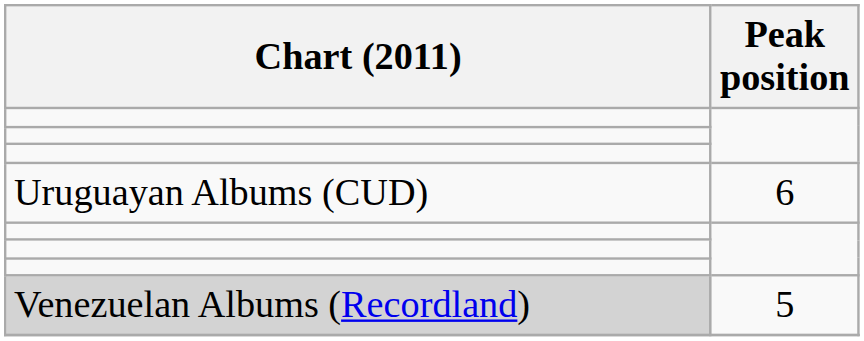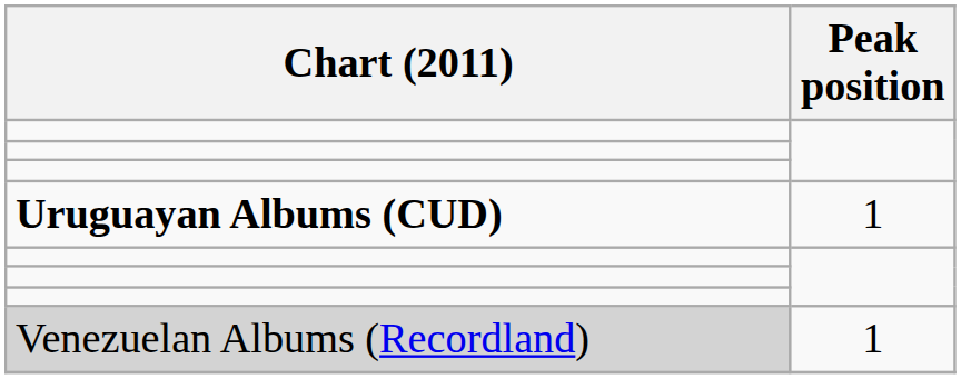 <table class="wikitable sortable">
 <tr>
 <th style="width:18em;">Chart (2011)</th>
 <th>Peak<br>position</th>
 </tr>
 <tr>
 <td></td>
 </tr>
 <tr>
 <td></td>
 </tr>
 <tr>
 <td></td>
 </tr>
 <tr>
-<td align="left">Uruguayan Albums (CUD)</td>
-<td align="center">6</td>
+<td align="left"><strong>Uruguayan Albums (CUD)</strong></td>
+<td align="center">1</td>
 </tr>
 <tr>
 <td></td>
 </tr>
 <tr>
 <td></td>
 </tr>
 <tr>
 <td></td>
 </tr>
 <tr>
 <td style="background: lightgrey;">Venezuelan Albums (<a href='#'>Recordland</a>)</td>
-<td style="text-align:center;">5</td>
+<td style="text-align:center;">1</td>
 </tr>
 <tr>
 </tr>
 </table>
